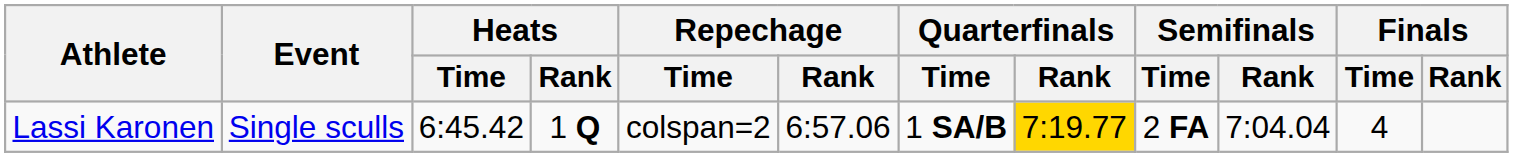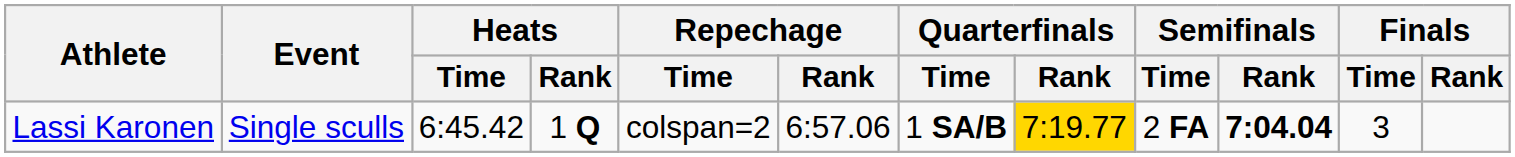 <table class="wikitable" style="font-size:90%">
 <tr>
 <th rowspan="2">Athlete</th>
 <th rowspan="2">Event</th>
 <th colspan="2">Heats</th>
 <th colspan="2">Repechage</th>
 <th colspan="2">Quarterfinals</th>
 <th colspan="2">Semifinals</th>
 <th colspan="2">Finals</th>
 </tr>
 <tr style="font-size:95%">
 <th>Time</th>
 <th>Rank</th>
 <th>Time</th>
 <th>Rank</th>
 <th>Time</th>
 <th>Rank</th>
 <th>Time</th>
 <th>Rank</th>
 <th>Time</th>
 <th>Rank</th>
 </tr>
 <tr align=center>
 <td align=left><a href='#'>Lassi Karonen</a></td>
 <td align=left><a href='#'>Single sculls</a></td>
 <td>6:45.42</td>
 <td>1 <strong>Q</strong></td>
 <td>colspan=2 </td>
 <td>6:57.06</td>
 <td>1 <strong>SA/B</strong></td>
 <td style="background: gold;">7:19.77</td>
 <td>2 <strong>FA</strong></td>
-<td>7:04.04</td>
-<td>4</td>
+<td><strong>7:04.04</strong></td>
+<td>3</td>
 </tr>
 </table>
